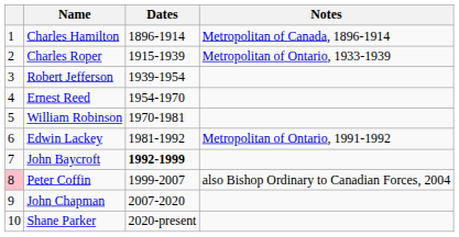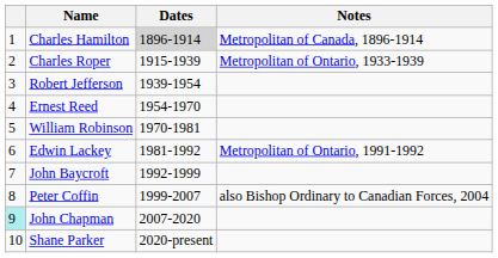 <table class="wikitable">
 <tr>
 <th></th>
 <th>Name</th>
 <th>Dates</th>
 <th>Notes</th>
 </tr>
 <tr>
 <td>1</td>
 <td><a href='#'>Charles Hamilton</a></td>
-<td>1896-1914</td>
+<td style="background: lightgrey;">1896-1914</td>
 <td><a href='#'>Metropolitan of Canada</a>, 1896-1914</td>
 </tr>
 <tr>
 <td>2</td>
 <td><a href='#'>Charles Roper</a></td>
 <td>1915-1939</td>
 <td><a href='#'>Metropolitan of Ontario</a>, 1933-1939</td>
 </tr>
 <tr>
 <td>3</td>
 <td><a href='#'>Robert Jefferson</a></td>
 <td>1939-1954</td>
 </tr>
 <tr>
 <td>4</td>
 <td><a href='#'>Ernest Reed</a></td>
 <td>1954-1970</td>
 <td></td>
 </tr>
 <tr>
 <td>5</td>
 <td><a href='#'>William Robinson</a></td>
 <td>1970-1981</td>
 <td></td>
 </tr>
 <tr>
 <td>6</td>
 <td><a href='#'>Edwin Lackey</a></td>
 <td>1981-1992</td>
 <td><a href='#'>Metropolitan of Ontario</a>, 1991-1992</td>
 </tr>
 <tr>
 <td>7</td>
 <td><a href='#'>John Baycroft</a></td>
-<td><strong>1992-1999</strong></td>
+<td>1992-1999</td>
 <td></td>
 </tr>
 <tr>
-<td style="background: pink;">8</td>
+<td>8</td>
 <td><a href='#'>Peter Coffin</a></td>
 <td>1999-2007</td>
 <td>also Bishop Ordinary to Canadian Forces, 2004</td>
 </tr>
 <tr>
-<td>9</td>
+<td style="background: paleturquoise;">9</td>
 <td><a href='#'>John Chapman</a></td>
 <td>2007-2020</td>
 <td></td>
 </tr>
 <tr>
 <td>10</td>
 <td><a href='#'>Shane Parker</a></td>
 <td>2020-present</td>
 <td></td>
 </tr>
 </table>
